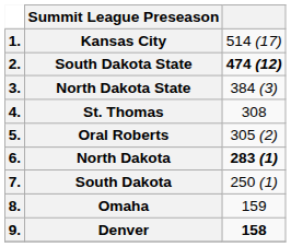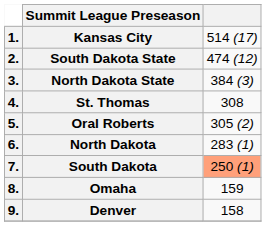 <table class="wikitable" style="white-space;nowrap; font-size:90%;">
 <tr>
 <td ! colspan=1 style="background:white; border-top-style:hidden; border-left-style:hidden;"></td>
 <th>Summit League Preseason</th>
 <th></th>
 </tr>
 <tr>
 <th>1.</th>
 <th>Kansas City</th>
 <td align="center">514 <em>(17)</em></td>
 </tr>
 <tr>
 <th>2.</th>
 <th>South Dakota State</th>
-<td align="center"><strong>474 <em>(12)</em></strong></td>
+<td align="center">474 <em>(12)</em></td>
 </tr>
 <tr>
 <th>3.</th>
 <th>North Dakota State</th>
 <td align="center">384 <em>(3)</em></td>
 </tr>
 <tr>
 <th>4.</th>
 <th>St. Thomas</th>
 <td align="center">308</td>
 </tr>
 <tr>
 <th>5.</th>
 <th>Oral Roberts</th>
 <td align="center">305 <em>(2)</em></td>
 </tr>
 <tr>
 <th>6.</th>
 <th>North Dakota</th>
-<td align="center"><strong>283 <em>(1)</em></strong></td>
+<td align="center">283 <em>(1)</em></td>
 </tr>
 <tr>
 <th>7.</th>
 <th>South Dakota</th>
-<td align="center">250 <em>(1)</em></td>
+<td align="center" style="background: lightsalmon;">250 <em>(1)</em></td>
 </tr>
 <tr>
 <th>8.</th>
 <th>Omaha</th>
 <td align="center">159</td>
 </tr>
 <tr>
 <th>9.</th>
 <th>Denver</th>
-<td align="center"><strong>158</strong></td>
+<td align="center">158</td>
 </tr>
 <tr>
 </tr>
 </table>
